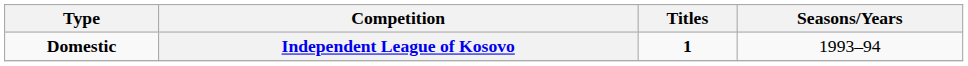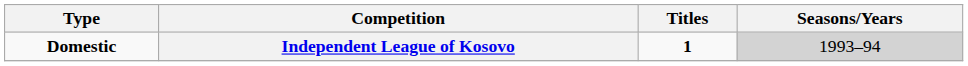 <table class="wikitable" width=69% style="text-align: center;font-size:100%;">
 <tr>
 <th scope=col>Type</th>
 <th scope=col>Competition</th>
 <th scope=col>Titles</th>
 <th scope=col>Seasons/Years</th>
 </tr>
 <tr>
 <td rowspan="1"><strong>Domestic</strong></td>
 <th scope=col><a href='#'>Independent League of Kosovo</a></th>
 <td align="center"><strong>1</strong></td>
-<td>1993–94</td>
+<td style="background: lightgrey;">1993–94</td>
 </tr>
 <tr>
 </tr>
 </table>
